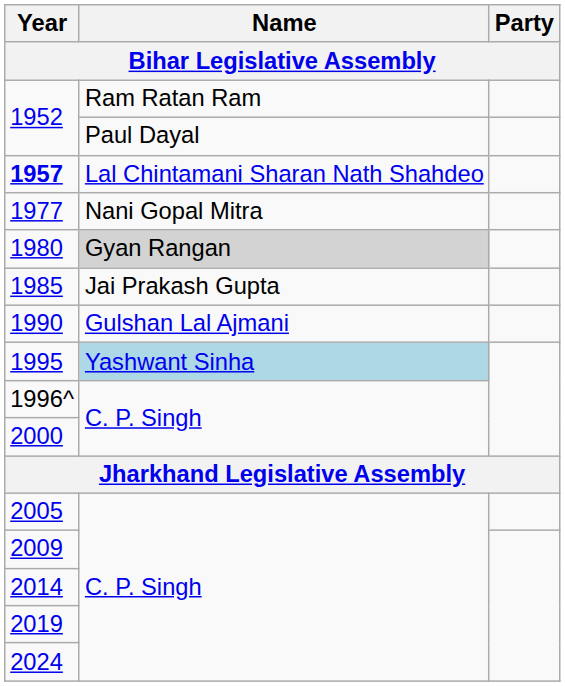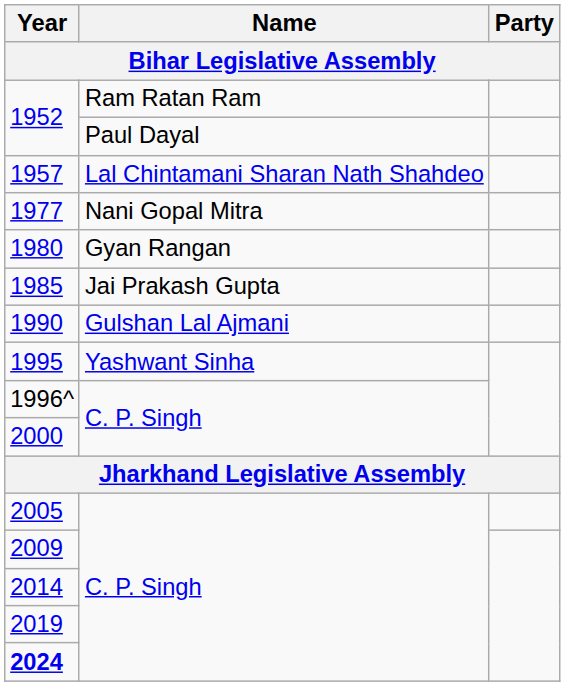 <table class="wikitable sortable">
 <tr>
 <th>Year</th>
 <th>Name</th>
 <th colspan=2>Party</th>
 </tr>
 <tr>
 <th colspan=4><a href='#'>Bihar Legislative Assembly</a></th>
 </tr>
 <tr>
 <td rowspan="2"><a href='#'>1952</a></td>
 <td>Ram Ratan Ram </td>
 <td><br></td>
 </tr>
 <tr>
 <td>Paul Dayal</td>
 <td></td>
 </tr>
 <tr>
-<td><strong><a href='#'>1957</a></strong></td>
+<td><a href='#'>1957</a></td>
 <td><a href='#'>Lal Chintamani Sharan Nath Shahdeo</a></td>
 <td></td>
 </tr>
 <tr>
 <td><a href='#'>1977</a></td>
 <td>Nani Gopal Mitra</td>
 <td></td>
 </tr>
 <tr>
 <td><a href='#'>1980</a></td>
-<td style="background: lightgrey;">Gyan Rangan</td>
+<td>Gyan Rangan</td>
 <td></td>
 </tr>
 <tr>
 <td><a href='#'>1985</a></td>
 <td>Jai Prakash Gupta</td>
 </tr>
 <tr>
 <td><a href='#'>1990</a></td>
 <td><a href='#'>Gulshan Lal Ajmani</a></td>
 <td></td>
 </tr>
 <tr>
 <td><a href='#'>1995</a></td>
-<td style="background: lightblue;"><a href='#'>Yashwant Sinha</a></td>
+<td><a href='#'>Yashwant Sinha</a></td>
 </tr>
 <tr>
 <td>1996^</td>
 <td rowspan="2"><a href='#'>C. P. Singh</a></td>
 </tr>
 <tr>
 <td><a href='#'>2000</a></td>
 </tr>
 <tr>
 <th colspan=4><a href='#'>Jharkhand Legislative Assembly</a></th>
 </tr>
 <tr>
 <td><a href='#'>2005</a></td>
 <td rowspan="5"><a href='#'>C. P. Singh</a></td>
 <td></td>
 </tr>
 <tr>
 <td><a href='#'>2009</a></td>
 </tr>
 <tr>
 <td><a href='#'>2014</a></td>
 </tr>
 <tr>
 <td><a href='#'>2019</a></td>
 </tr>
 <tr>
-<td><a href='#'>2024</a></td>
+<td><strong><a href='#'>2024</a></strong></td>
 </tr>
 </table>
